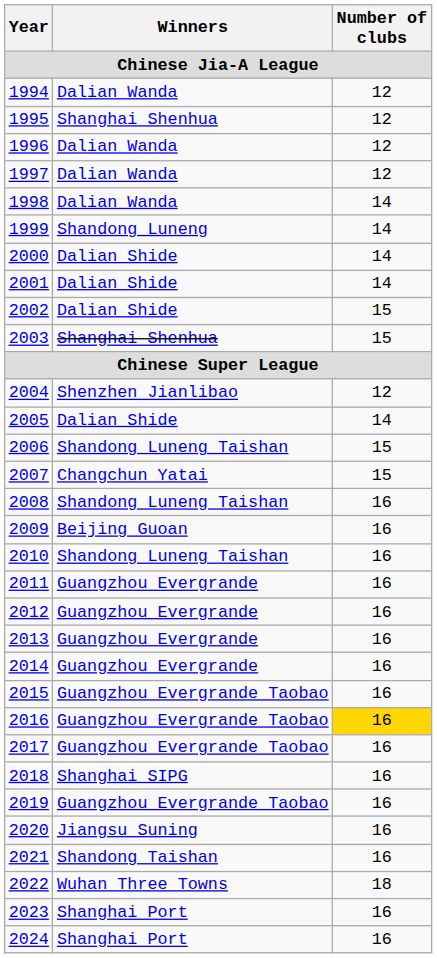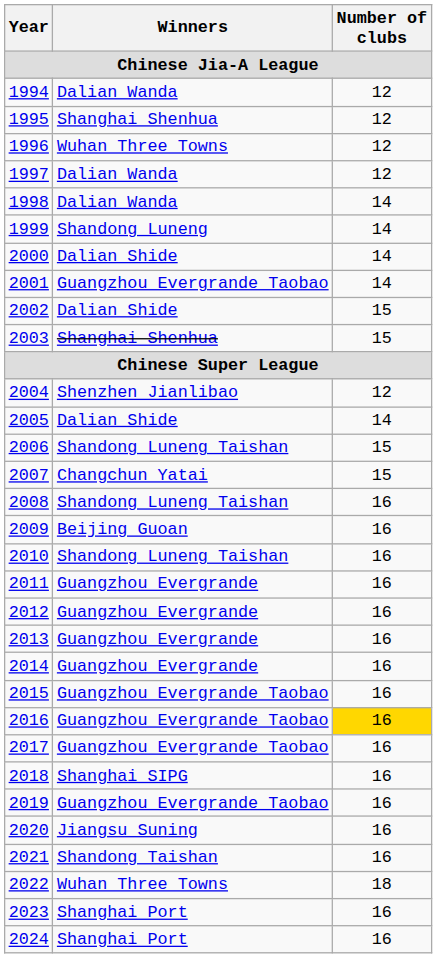 <table class="wikitable" style="text-align:center;">
 <tr>
 <th>Year</th>
 <th>Winners</th>
 <th>Number of<br>clubs</th>
 </tr>
 <tr style="background:#ddd;">
 <td colspan="3" style="text-align:center"><strong>Chinese Jia-A League</strong></td>
 </tr>
 <tr>
 <td><a href='#'>1994</a></td>
 <td align=left><a href='#'>Dalian Wanda</a></td>
 <td>12</td>
 </tr>
 <tr>
 <td><a href='#'>1995</a></td>
 <td align=left><a href='#'>Shanghai Shenhua</a></td>
 <td>12</td>
 </tr>
 <tr>
 <td><a href='#'>1996</a></td>
-<td align=left><a href='#'>Dalian Wanda</a></td>
+<td align=left><a href='#'>Wuhan Three Towns</a></td>
 <td>12</td>
 </tr>
 <tr>
 <td><a href='#'>1997</a></td>
 <td align=left><a href='#'>Dalian Wanda</a></td>
 <td>12</td>
 </tr>
 <tr>
 <td><a href='#'>1998</a></td>
 <td align=left><a href='#'>Dalian Wanda</a></td>
 <td>14</td>
 </tr>
 <tr>
 <td><a href='#'>1999</a></td>
 <td align=left><a href='#'>Shandong Luneng</a></td>
 <td>14</td>
 </tr>
 <tr>
 <td><a href='#'>2000</a></td>
 <td align=left><a href='#'>Dalian Shide</a></td>
 <td>14</td>
 </tr>
 <tr>
 <td><a href='#'>2001</a></td>
-<td align=left><a href='#'>Dalian Shide</a></td>
+<td align=left><a href='#'>Guangzhou Evergrande Taobao</a></td>
 <td>14</td>
 </tr>
 <tr>
 <td><a href='#'>2002</a></td>
 <td align=left><a href='#'>Dalian Shide</a></td>
 <td>15</td>
 </tr>
 <tr>
 <td><a href='#'>2003</a></td>
 <td align=left><s><a href='#'>Shanghai Shenhua</a></s></td>
 <td>15</td>
 </tr>
 <tr style="background:#ddd;">
 <td colspan="3" style="text-align:center"><strong>Chinese Super League</strong></td>
 </tr>
 <tr>
 <td><a href='#'>2004</a></td>
 <td align=left><a href='#'>Shenzhen Jianlibao</a></td>
 <td>12</td>
 </tr>
 <tr>
 <td><a href='#'>2005</a></td>
 <td align=left><a href='#'>Dalian Shide</a></td>
 <td>14</td>
 </tr>
 <tr>
 <td><a href='#'>2006</a></td>
 <td align=left><a href='#'>Shandong Luneng Taishan</a></td>
 <td>15</td>
 </tr>
 <tr>
 <td><a href='#'>2007</a></td>
 <td align=left><a href='#'>Changchun Yatai</a></td>
 <td>15</td>
 </tr>
 <tr>
 <td><a href='#'>2008</a></td>
 <td align=left><a href='#'>Shandong Luneng Taishan</a></td>
 <td>16</td>
 </tr>
 <tr>
 <td><a href='#'>2009</a></td>
 <td align=left><a href='#'>Beijing Guoan</a></td>
 <td>16</td>
 </tr>
 <tr>
 <td><a href='#'>2010</a></td>
 <td align=left><a href='#'>Shandong Luneng Taishan</a></td>
 <td>16</td>
 </tr>
 <tr>
 <td><a href='#'>2011</a></td>
 <td align=left><a href='#'>Guangzhou Evergrande</a></td>
 <td>16</td>
 </tr>
 <tr>
 <td><a href='#'>2012</a></td>
 <td align=left><a href='#'>Guangzhou Evergrande</a></td>
 <td>16</td>
 </tr>
 <tr>
 <td><a href='#'>2013</a></td>
 <td align=left><a href='#'>Guangzhou Evergrande</a></td>
 <td>16</td>
 </tr>
 <tr>
 <td><a href='#'>2014</a></td>
 <td align=left><a href='#'>Guangzhou Evergrande</a></td>
 <td>16</td>
 </tr>
 <tr>
 <td><a href='#'>2015</a></td>
 <td align=left><a href='#'>Guangzhou Evergrande Taobao</a></td>
 <td>16</td>
 </tr>
 <tr>
 <td><a href='#'>2016</a></td>
 <td align=left><a href='#'>Guangzhou Evergrande Taobao</a></td>
 <td style="background: gold;">16</td>
 </tr>
 <tr>
 <td><a href='#'>2017</a></td>
 <td align=left><a href='#'>Guangzhou Evergrande Taobao</a></td>
 <td>16</td>
 </tr>
 <tr>
 <td><a href='#'>2018</a></td>
 <td align=left><a href='#'>Shanghai SIPG</a></td>
 <td>16</td>
 </tr>
 <tr>
 <td><a href='#'>2019</a></td>
 <td align=left><a href='#'>Guangzhou Evergrande Taobao</a></td>
 <td>16</td>
 </tr>
 <tr>
 <td><a href='#'>2020</a></td>
 <td align=left><a href='#'>Jiangsu Suning</a></td>
 <td>16</td>
 </tr>
 <tr>
 <td><a href='#'>2021</a></td>
 <td align=left><a href='#'>Shandong Taishan</a></td>
 <td>16</td>
 </tr>
 <tr>
 <td><a href='#'>2022</a></td>
 <td align=left><a href='#'>Wuhan Three Towns</a></td>
 <td>18</td>
 </tr>
 <tr>
 <td><a href='#'>2023</a></td>
 <td align=left><a href='#'>Shanghai Port</a></td>
 <td>16</td>
 </tr>
 <tr>
 <td><a href='#'>2024</a></td>
 <td align=left><a href='#'>Shanghai Port</a></td>
 <td>16</td>
 </tr>
 </table>
